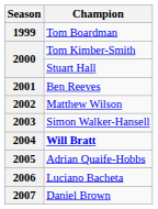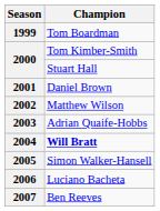 <table class="wikitable">
 <tr>
 <th>Season</th>
 <th>Champion</th>
 </tr>
 <tr>
 <th>1999</th>
 <td> <a href='#'>Tom Boardman</a></td>
 </tr>
 <tr>
 <th rowspan=2>2000</th>
 <td> <a href='#'>Tom Kimber-Smith</a></td>
 </tr>
 <tr>
 <td> <a href='#'>Stuart Hall</a></td>
 </tr>
 <tr>
 <th>2001</th>
-<td> <a href='#'>Ben Reeves</a></td>
+<td> <a href='#'>Daniel Brown</a></td>
 </tr>
 <tr>
 <th>2002</th>
 <td> <a href='#'>Matthew Wilson</a></td>
 </tr>
 <tr>
 <th>2003</th>
-<td> <a href='#'>Simon Walker-Hansell</a></td>
+<td> <a href='#'>Adrian Quaife-Hobbs</a></td>
 </tr>
 <tr>
 <th>2004</th>
 <td><strong> <a href='#'>Will Bratt</a></strong></td>
 </tr>
 <tr>
 <th>2005</th>
-<td> <a href='#'>Adrian Quaife-Hobbs</a></td>
+<td> <a href='#'>Simon Walker-Hansell</a></td>
 </tr>
 <tr>
 <th>2006</th>
 <td> <a href='#'>Luciano Bacheta</a></td>
 </tr>
 <tr>
 <th>2007</th>
-<td> <a href='#'>Daniel Brown</a></td>
+<td> <a href='#'>Ben Reeves</a></td>
 </tr>
 </table>
